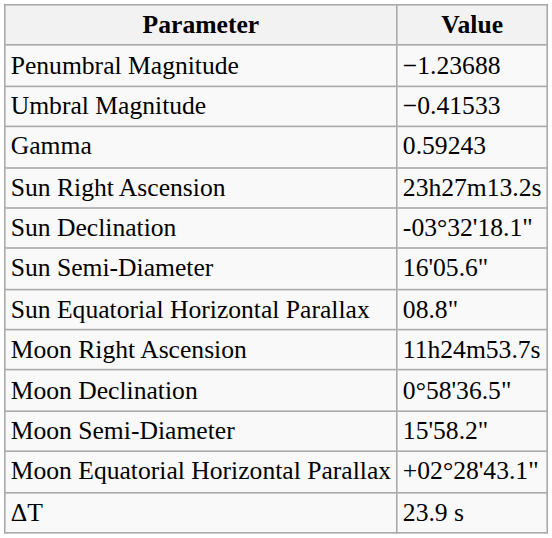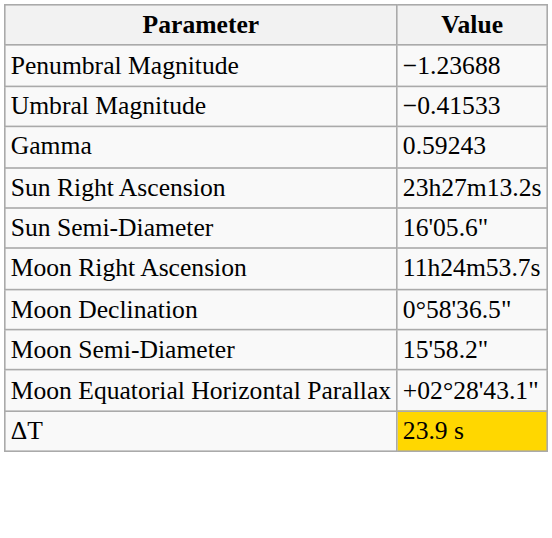 <table class="wikitable">
 <tr>
 <th>Parameter</th>
 <th>Value</th>
 </tr>
 <tr>
 <td>Penumbral Magnitude</td>
 <td>−1.23688</td>
 </tr>
 <tr>
 <td>Umbral Magnitude</td>
 <td>−0.41533</td>
 </tr>
 <tr>
 <td>Gamma</td>
 <td>0.59243</td>
 </tr>
 <tr>
 <td>Sun Right Ascension</td>
 <td>23h27m13.2s</td>
 </tr>
 <tr>
-<td>Sun Declination</td>
-<td>-03°32'18.1"</td>
-</tr>
-<tr>
 <td>Sun Semi-Diameter</td>
 <td>16'05.6"</td>
-</tr>
-<tr>
-<td>Sun Equatorial Horizontal Parallax</td>
-<td>08.8"</td>
 </tr>
 <tr>
 <td>Moon Right Ascension</td>
 <td>11h24m53.7s</td>
 </tr>
 <tr>
 <td>Moon Declination</td>
 <td>0°58'36.5"</td>
 </tr>
 <tr>
 <td>Moon Semi-Diameter</td>
 <td>15'58.2"</td>
 </tr>
 <tr>
 <td>Moon Equatorial Horizontal Parallax</td>
 <td>+02°28'43.1"</td>
 </tr>
 <tr>
 <td>ΔT</td>
-<td>23.9 s</td>
+<td style="background: gold;">23.9 s</td>
 </tr>
 </table>
